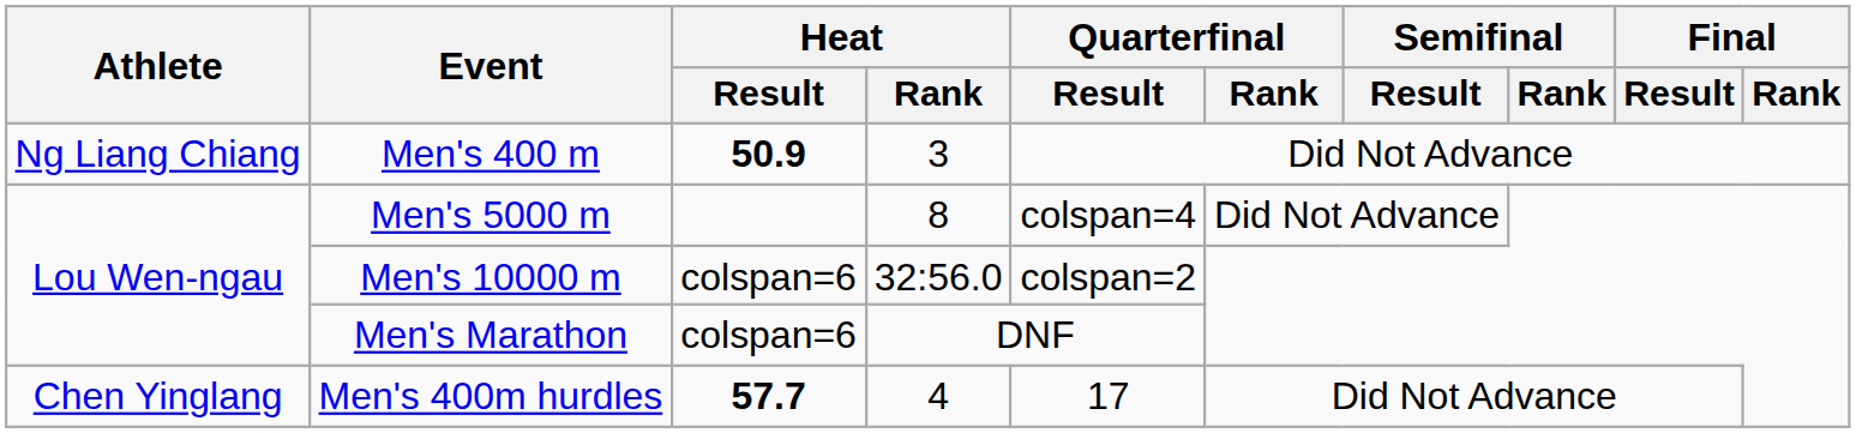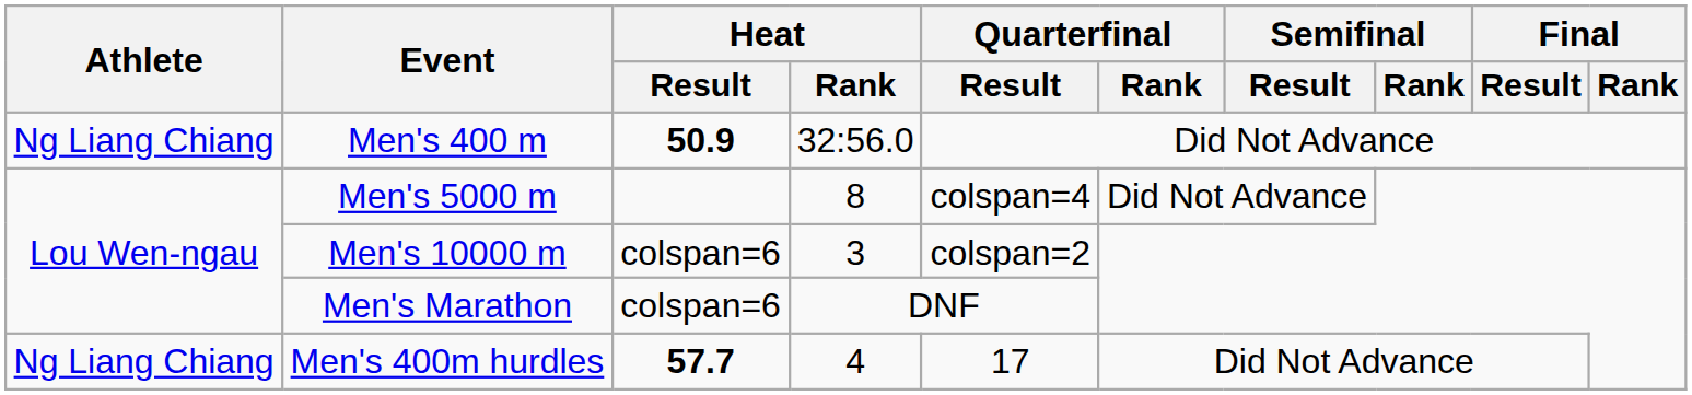 <table class="wikitable" style="font-size:90%">
 <tr>
 <th rowspan=2>Athlete</th>
 <th rowspan=2>Event</th>
 <th colspan=2>Heat</th>
 <th colspan=2>Quarterfinal</th>
 <th colspan=2>Semifinal</th>
 <th colspan=2>Final</th>
 </tr>
 <tr style="font-size:95%">
 <th>Result</th>
 <th>Rank</th>
 <th>Result</th>
 <th>Rank</th>
 <th>Result</th>
 <th>Rank</th>
 <th>Result</th>
 <th>Rank</th>
 </tr>
 <tr align=center>
 <td><a href='#'>Ng Liang Chiang</a></td>
 <td><a href='#'>Men's 400 m</a></td>
 <td><strong>50.9</strong></td>
-<td>3</td>
+<td>32:56.0</td>
 <td colspan=6>Did Not Advance</td>
 </tr>
 <tr align=center>
 <td rowspan=3><a href='#'>Lou Wen-ngau</a></td>
 <td><a href='#'>Men's 5000 m</a></td>
 <td></td>
 <td>8</td>
 <td>colspan=4 </td>
 <td colspan=2>Did Not Advance</td>
 </tr>
 <tr align=center>
 <td><a href='#'>Men's 10000 m</a></td>
 <td>colspan=6 </td>
-<td>32:56.0</td>
+<td>3</td>
 <td>colspan=2 </td>
 </tr>
 <tr align=center>
 <td><a href='#'>Men's Marathon</a></td>
 <td>colspan=6 </td>
 <td colspan=2>DNF</td>
 </tr>
 <tr align=center>
-<td><a href='#'>Chen Yinglang</a></td>
+<td><a href='#'>Ng Liang Chiang</a></td>
 <td><a href='#'>Men's 400m hurdles</a></td>
 <td><strong>57.7</strong></td>
 <td>4</td>
 <td>17</td>
 <td colspan=4>Did Not Advance</td>
 </tr>
 </table>
